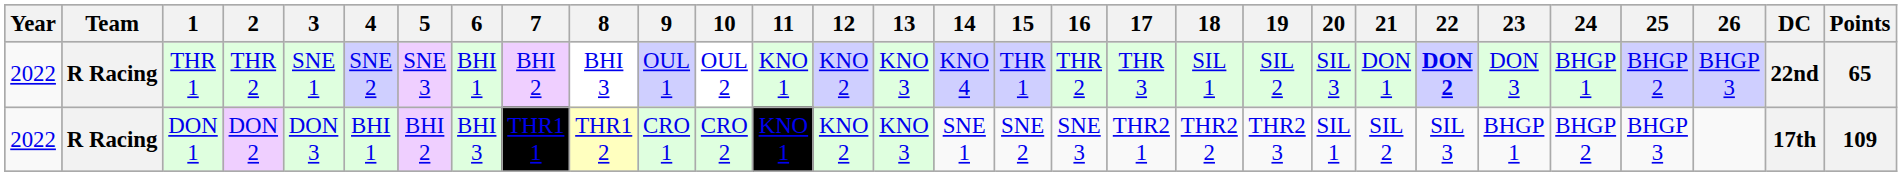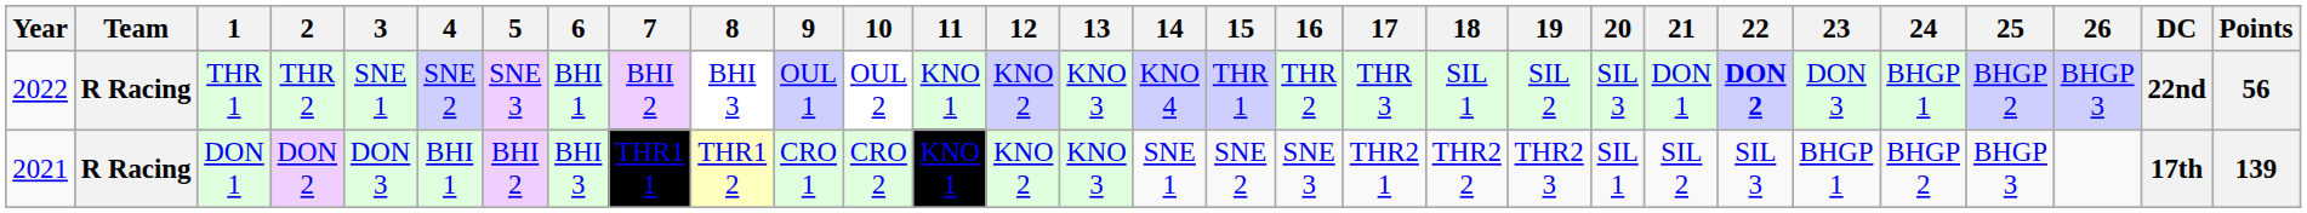 <table class="wikitable" style="text-align:center; font-size:85%">
 <tr>
 <th>Year</th>
 <th>Team</th>
 <th>1</th>
 <th>2</th>
 <th>3</th>
 <th>4</th>
 <th>5</th>
 <th>6</th>
 <th>7</th>
 <th>8</th>
 <th>9</th>
 <th>10</th>
 <th>11</th>
 <th>12</th>
 <th>13</th>
 <th>14</th>
 <th>15</th>
 <th>16</th>
 <th>17</th>
 <th>18</th>
 <th>19</th>
 <th>20</th>
 <th>21</th>
 <th>22</th>
 <th>23</th>
 <th>24</th>
 <th>25</th>
 <th>26</th>
 <th>DC</th>
 <th>Points</th>
 </tr>
 <tr>
 <td><a href='#'>2022</a></td>
 <th nowrap>R Racing</th>
 <td style="background:#DFFFDF;"><a href='#'>THR<br>1</a><br></td>
 <td style="background:#DFFFDF;"><a href='#'>THR<br>2</a><br></td>
 <td style="background:#DFFFDF;"><a href='#'>SNE<br>1</a><br></td>
 <td style="background:#CFCFFF;"><a href='#'>SNE<br>2</a><br></td>
 <td style="background:#EFCFFF;"><a href='#'>SNE<br>3</a><br></td>
 <td style="background:#DFFFDF;"><a href='#'>BHI<br>1</a><br></td>
 <td style="background:#EFCFFF;"><a href='#'>BHI<br>2</a><br></td>
 <td style="background:#FFFFFF;"><a href='#'>BHI<br>3</a><br></td>
 <td style="background:#CFCFFF;"><a href='#'>OUL<br>1</a><br></td>
 <td style="background:#FFFFFF;"><a href='#'>OUL<br>2</a><br></td>
 <td style="background:#DFFFDF;"><a href='#'>KNO<br>1</a><br></td>
 <td style="background:#CFCFFF;"><a href='#'>KNO<br>2</a><br></td>
 <td style="background:#DFFFDF;"><a href='#'>KNO<br>3</a><br></td>
 <td style="background:#CFCFFF;"><a href='#'>KNO<br>4</a><br></td>
 <td style="background:#CFCFFF;"><a href='#'>THR<br>1</a><br></td>
 <td style="background:#DFFFDF;"><a href='#'>THR<br>2</a><br></td>
 <td style="background:#DFFFDF;"><a href='#'>THR<br>3</a><br></td>
 <td style="background:#DFFFDF;"><a href='#'>SIL<br>1</a><br></td>
 <td style="background:#DFFFDF;"><a href='#'>SIL<br>2</a><br></td>
 <td style="background:#DFFFDF;"><a href='#'>SIL<br>3</a><br></td>
 <td style="background:#DFFFDF;"><a href='#'>DON<br>1</a><br></td>
 <td style="background:#CFCFFF;"><strong><a href='#'>DON<br>2</a><br></strong></td>
 <td style="background:#DFFFDF;"><a href='#'>DON<br>3</a><br></td>
 <td style="background:#DFFFDF;"><a href='#'>BHGP<br>1</a><br></td>
 <td style="background:#CFCFFF;"><a href='#'>BHGP<br>2</a><br></td>
 <td style="background:#CFCFFF;"><a href='#'>BHGP<br>3</a><br></td>
 <th>22nd</th>
-<th>65</th>
+<th>56</th>
 </tr>
 <tr>
-<td><a href='#'>2022</a></td>
+<td><a href='#'>2021</a></td>
 <th nowrap>R Racing</th>
 <td style="background:#DFFFDF;"><a href='#'>DON<br>1</a><br></td>
 <td style="background:#EFCFFF;"><a href='#'>DON<br>2</a><br></td>
 <td style="background:#DFFFDF;"><a href='#'>DON<br>3</a><br></td>
 <td style="background:#DFFFDF;"><a href='#'>BHI<br>1</a><br></td>
 <td style="background:#EFCFFF;"><a href='#'>BHI<br>2</a><br></td>
 <td style="background:#DFFFDF;"><a href='#'>BHI<br>3</a><br></td>
 <td style="background:black; color:white"><a href='#'><span>THR1<br>1</span></a><br></td>
 <td style="background:#FFFFBF;"><a href='#'>THR1<br>2</a><br></td>
 <td style="background:#DFFFDF;"><a href='#'>CRO<br>1</a><br></td>
 <td style="background:#DFFFDF;"><a href='#'>CRO<br>2</a><br></td>
 <td style="background:black; color:white"><a href='#'><span>KNO<br>1</span></a><br></td>
 <td style="background:#DFFFDF;"><a href='#'>KNO<br>2</a><br></td>
 <td style="background:#DFFFDF;"><a href='#'>KNO<br>3</a><br></td>
 <td style="background:#;"><a href='#'>SNE<br>1</a></td>
 <td style="background:#;"><a href='#'>SNE<br>2</a></td>
 <td style="background:#;"><a href='#'>SNE<br>3</a></td>
 <td style="background:#;"><a href='#'>THR2<br>1</a></td>
 <td style="background:#;"><a href='#'>THR2<br>2</a></td>
 <td style="background:#;"><a href='#'>THR2<br>3</a></td>
 <td style="background:#;"><a href='#'>SIL<br>1</a></td>
 <td style="background:#;"><a href='#'>SIL<br>2</a></td>
 <td style="background:#;"><a href='#'>SIL<br>3</a></td>
 <td style="background:#;"><a href='#'>BHGP<br>1</a></td>
 <td style="background:#;"><a href='#'>BHGP<br>2</a></td>
 <td style="background:#;"><a href='#'>BHGP<br>3</a></td>
 <td></td>
 <th>17th</th>
-<th>109</th>
+<th>139</th>
 </tr>
 </table>
